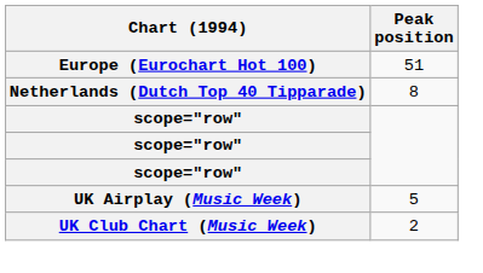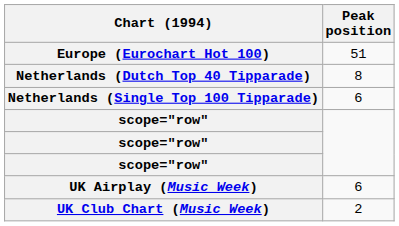 <table class="wikitable sortable plainrowheaders" style="text-align:center">
 <tr>
 <th>Chart (1994)</th>
 <th>Peak<br>position</th>
 </tr>
 <tr>
 <th scope="row">Europe (<a href='#'>Eurochart Hot 100</a>)</th>
 <td>51</td>
 </tr>
 <tr>
 <th scope="row">Netherlands (<a href='#'>Dutch Top 40 Tipparade</a>)</th>
 <td>8</td>
 </tr>
 <tr>
+<th scope="row">Netherlands (<a href='#'>Single Top 100 Tipparade</a>)</th>
+<td>6</td>
+</tr>
+<tr>
 <th>scope="row"</th>
 </tr>
 <tr>
 <th>scope="row"</th>
 </tr>
 <tr>
 <th>scope="row"</th>
 </tr>
 <tr>
 <th scope="row">UK Airplay (<em><a href='#'>Music Week</a></em>)</th>
-<td>5</td>
+<td>6</td>
 </tr>
 <tr>
 <th scope="row"><a href='#'>UK Club Chart</a> (<em><a href='#'>Music Week</a></em>)</th>
 <td>2</td>
 </tr>
 </table>
